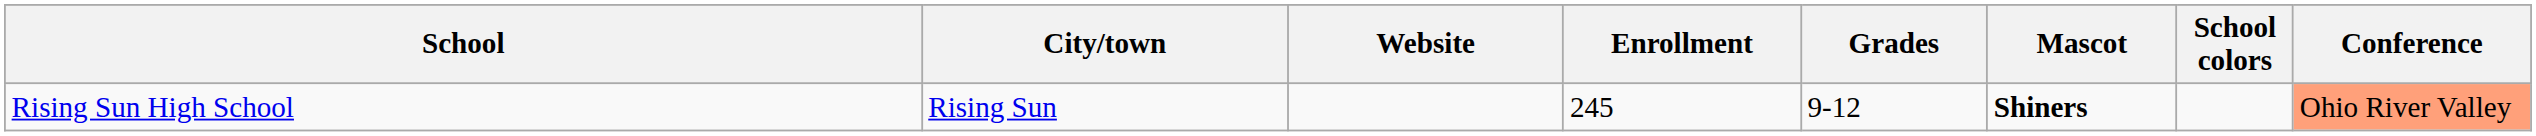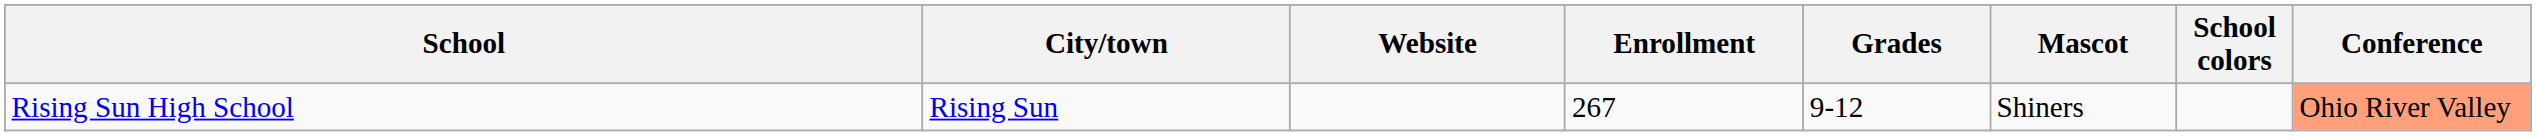 <table class="wikitable sortable" width="70%">
 <tr>
 <th width="20%">School</th>
 <th width="08%">City/town</th>
 <th width="06%">Website</th>
 <th width="04%">Enrollment</th>
 <th width="04%">Grades</th>
 <th width="04%">Mascot</th>
 <th width=01%>School colors</th>
 <th width="04%">Conference</th>
 </tr>
 <tr>
 <td><a href='#'>Rising Sun High School</a></td>
 <td><a href='#'>Rising Sun</a></td>
 <td></td>
-<td>245</td>
+<td>267</td>
 <td>9-12</td>
-<td><strong>Shiners</strong></td>
+<td>Shiners</td>
 <td> </td>
 <td style="background: lightsalmon;">Ohio River Valley</td>
 </tr>
 </table>
